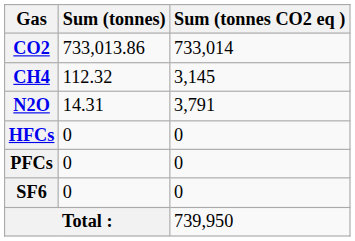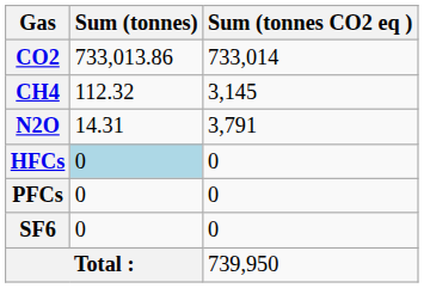 <table class="wikitable">
 <tr>
 <th>Gas</th>
 <th>Sum (tonnes)</th>
 <th>Sum (tonnes CO2 eq )</th>
 </tr>
 <tr>
 <th><a href='#'>CO2</a></th>
 <td>733,013.86</td>
 <td>733,014</td>
 </tr>
 <tr>
 <th><a href='#'>CH4</a></th>
 <td>112.32</td>
 <td>3,145</td>
 </tr>
 <tr>
 <th><a href='#'>N2O</a></th>
 <td>14.31</td>
 <td>3,791</td>
 </tr>
 <tr>
 <th><a href='#'>HFCs</a></th>
-<td>0</td>
+<td style="background: lightblue;">0</td>
 <td>0</td>
 </tr>
 <tr>
 <th>PFCs</th>
 <td>0</td>
 <td>0</td>
 </tr>
 <tr>
 <th>SF6</th>
 <td>0</td>
 <td>0</td>
 </tr>
 <tr>
 <th colspan="2">Total :</th>
 <td>739,950</td>
 </tr>
 </table>
